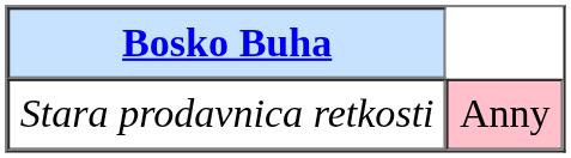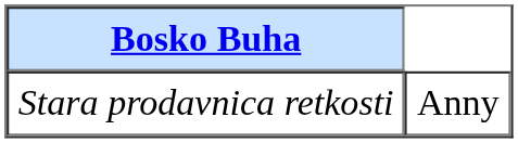 <table border="1" cellpadding="4" cellspacing="0">
 <tr bgcolor="#C6E2FF">
 <th><strong><a href='#'>Bosko Buha</a></strong></th>
 </tr>
 <tr>
 <td><em>Stara prodavnica retkosti</em></td>
-<td style="background: pink;">Anny</td>
+<td>Anny</td>
 </tr>
 </table>
